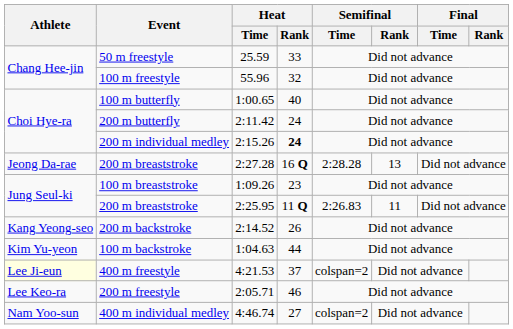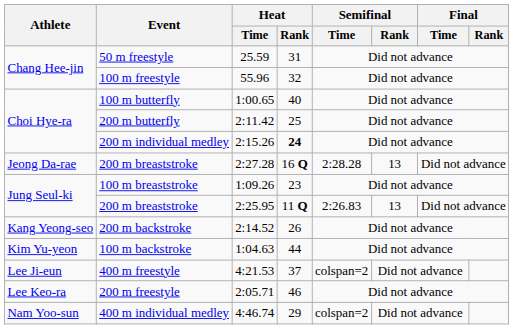 <table class=wikitable style="font-size:90%">
 <tr>
 <th rowspan="2">Athlete</th>
 <th rowspan="2">Event</th>
 <th colspan="2">Heat</th>
 <th colspan="2">Semifinal</th>
 <th colspan="2">Final</th>
 </tr>
 <tr style="font-size:95%">
 <th>Time</th>
 <th>Rank</th>
 <th>Time</th>
 <th>Rank</th>
 <th>Time</th>
 <th>Rank</th>
 </tr>
 <tr align=center>
 <td align=left rowspan=2><a href='#'>Chang Hee-jin</a></td>
 <td align=left><a href='#'>50 m freestyle</a></td>
 <td>25.59</td>
-<td>33</td>
+<td>31</td>
 <td colspan=4>Did not advance</td>
 </tr>
 <tr align=center>
 <td align=left><a href='#'>100 m freestyle</a></td>
 <td>55.96</td>
 <td>32</td>
 <td colspan=4>Did not advance</td>
 </tr>
 <tr align=center>
 <td align=left rowspan=3><a href='#'>Choi Hye-ra</a></td>
 <td align=left><a href='#'>100 m butterfly</a></td>
 <td>1:00.65</td>
 <td>40</td>
 <td colspan=4>Did not advance</td>
 </tr>
 <tr align=center>
 <td align=left><a href='#'>200 m butterfly</a></td>
 <td>2:11.42</td>
-<td>24</td>
+<td>25</td>
 <td colspan=4>Did not advance</td>
 </tr>
 <tr align=center>
 <td align=left><a href='#'>200 m individual medley</a></td>
 <td>2:15.26</td>
 <td><strong>24</strong></td>
 <td colspan=4>Did not advance</td>
 </tr>
 <tr align=center>
 <td align=left><a href='#'>Jeong Da-rae</a></td>
 <td align=left><a href='#'>200 m breaststroke</a></td>
 <td>2:27.28</td>
 <td>16 <strong>Q</strong></td>
 <td>2:28.28</td>
 <td>13</td>
 <td colspan=4>Did not advance</td>
 </tr>
 <tr align=center>
 <td align=left rowspan=2><a href='#'>Jung Seul-ki</a></td>
 <td align=left><a href='#'>100 m breaststroke</a></td>
 <td>1:09.26</td>
 <td>23</td>
 <td colspan=4>Did not advance</td>
 </tr>
 <tr align=center>
 <td align=left><a href='#'>200 m breaststroke</a></td>
 <td>2:25.95</td>
 <td>11 <strong>Q</strong></td>
 <td>2:26.83</td>
-<td>11</td>
+<td>13</td>
 <td colspan=2>Did not advance</td>
 </tr>
 <tr align=center>
 <td align=left><a href='#'>Kang Yeong-seo</a></td>
 <td align=left><a href='#'>200 m backstroke</a></td>
 <td>2:14.52</td>
 <td>26</td>
 <td colspan=4>Did not advance</td>
 </tr>
 <tr align=center>
 <td align=left><a href='#'>Kim Yu-yeon</a></td>
 <td align=left><a href='#'>100 m backstroke</a></td>
 <td>1:04.63</td>
 <td>44</td>
 <td colspan=4>Did not advance</td>
 </tr>
 <tr align=center>
-<td align=left style="background: lightyellow;"><a href='#'>Lee Ji-eun</a></td>
+<td align=left><a href='#'>Lee Ji-eun</a></td>
 <td align=left><a href='#'>400 m freestyle</a></td>
 <td>4:21.53</td>
 <td>37</td>
 <td>colspan=2 </td>
 <td colspan=2>Did not advance</td>
 </tr>
 <tr align=center>
 <td align=left><a href='#'>Lee Keo-ra</a></td>
 <td align=left><a href='#'>200 m freestyle</a></td>
 <td>2:05.71</td>
 <td>46</td>
 <td colspan=4>Did not advance</td>
 </tr>
 <tr align=center>
 <td align=left><a href='#'>Nam Yoo-sun</a></td>
 <td align=left><a href='#'>400 m individual medley</a></td>
 <td>4:46.74</td>
-<td>27</td>
+<td>29</td>
 <td>colspan=2 </td>
 <td colspan=2>Did not advance</td>
 </tr>
 </table>
